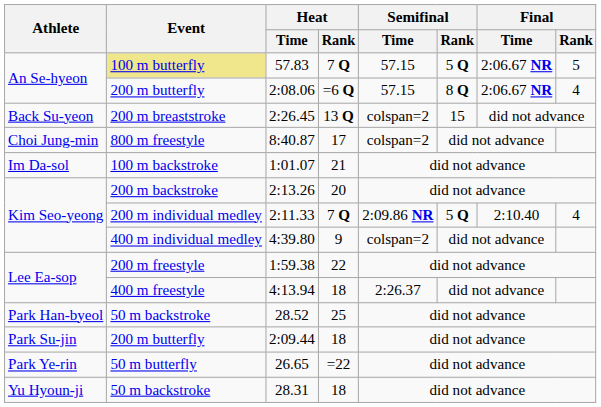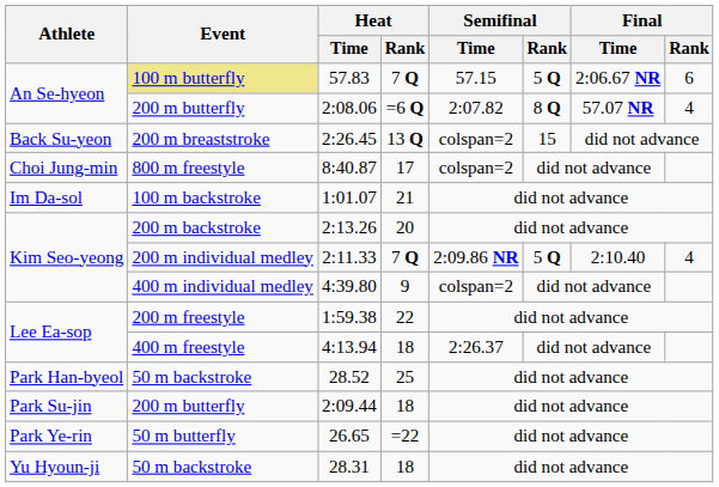 <table class=wikitable style="font-size:90%">
 <tr>
 <th rowspan="2">Athlete</th>
 <th rowspan="2">Event</th>
 <th colspan="2">Heat</th>
 <th colspan="2">Semifinal</th>
 <th colspan="2">Final</th>
 </tr>
 <tr style="font-size:95%">
 <th>Time</th>
 <th>Rank</th>
 <th>Time</th>
 <th>Rank</th>
 <th>Time</th>
 <th>Rank</th>
 </tr>
 <tr align=center>
 <td align=left rowspan=2><a href='#'>An Se-hyeon</a></td>
 <td align=left style="background: khaki;"><a href='#'>100 m butterfly</a></td>
 <td>57.83</td>
 <td>7 <strong>Q</strong></td>
 <td>57.15</td>
 <td>5 <strong>Q</strong></td>
 <td>2:06.67 <strong><a href='#'>NR</a></strong></td>
-<td>5</td>
+<td>6</td>
 </tr>
 <tr align=center>
 <td align=left><a href='#'>200 m butterfly</a></td>
 <td>2:08.06</td>
 <td>=6 <strong>Q</strong></td>
-<td>57.15</td>
+<td>2:07.82</td>
 <td>8 <strong>Q</strong></td>
-<td>2:06.67 <strong><a href='#'>NR</a></strong></td>
+<td>57.07 <strong><a href='#'>NR</a></strong></td>
 <td>4</td>
 </tr>
 <tr align=center>
 <td align=left><a href='#'>Back Su-yeon</a></td>
 <td align=left><a href='#'>200 m breaststroke</a></td>
 <td>2:26.45</td>
 <td>13 <strong>Q</strong></td>
 <td>colspan=2 </td>
 <td>15</td>
 <td colspan=2>did not advance</td>
 </tr>
 <tr align=center>
 <td align=left><a href='#'>Choi Jung-min</a></td>
 <td align=left><a href='#'>800 m freestyle</a></td>
 <td>8:40.87</td>
 <td>17</td>
 <td>colspan=2 </td>
 <td colspan=2>did not advance</td>
 </tr>
 <tr align=center>
 <td align=left><a href='#'>Im Da-sol</a></td>
 <td align=left><a href='#'>100 m backstroke</a></td>
 <td>1:01.07</td>
 <td>21</td>
 <td colspan=4>did not advance</td>
 </tr>
 <tr align=center>
 <td align=left rowspan=3><a href='#'>Kim Seo-yeong</a></td>
 <td align=left><a href='#'>200 m backstroke</a></td>
 <td>2:13.26</td>
 <td>20</td>
 <td colspan=4>did not advance</td>
 </tr>
 <tr align=center>
 <td align=left><a href='#'>200 m individual medley</a></td>
 <td>2:11.33</td>
 <td>7 <strong>Q</strong></td>
 <td>2:09.86 <strong><a href='#'>NR</a></strong></td>
 <td>5 <strong>Q</strong></td>
 <td>2:10.40</td>
 <td>4</td>
 </tr>
 <tr align=center>
 <td align=left><a href='#'>400 m individual medley</a></td>
 <td>4:39.80</td>
 <td>9</td>
 <td>colspan=2 </td>
 <td colspan=2>did not advance</td>
 </tr>
 <tr align=center>
 <td align=left rowspan=2><a href='#'>Lee Ea-sop</a></td>
 <td align=left><a href='#'>200 m freestyle</a></td>
 <td>1:59.38</td>
 <td>22</td>
 <td colspan=4>did not advance</td>
 </tr>
 <tr align=center>
 <td align=left><a href='#'>400 m freestyle</a></td>
 <td>4:13.94</td>
 <td>18</td>
 <td>2:26.37</td>
 <td colspan=2>did not advance</td>
 </tr>
 <tr align=center>
 <td align=left><a href='#'>Park Han-byeol</a></td>
 <td align=left><a href='#'>50 m backstroke</a></td>
 <td>28.52</td>
 <td>25</td>
 <td colspan=4>did not advance</td>
 </tr>
 <tr align=center>
 <td align=left><a href='#'>Park Su-jin</a></td>
 <td align=left><a href='#'>200 m butterfly</a></td>
 <td>2:09.44</td>
 <td>18</td>
 <td colspan=4>did not advance</td>
 </tr>
 <tr align=center>
 <td align=left><a href='#'>Park Ye-rin</a></td>
 <td align=left><a href='#'>50 m butterfly</a></td>
 <td>26.65</td>
 <td>=22</td>
 <td colspan=4>did not advance</td>
 </tr>
 <tr align=center>
 <td align=left><a href='#'>Yu Hyoun-ji</a></td>
 <td align=left><a href='#'>50 m backstroke</a></td>
 <td>28.31</td>
 <td>18</td>
 <td colspan=4>did not advance</td>
 </tr>
 </table>
